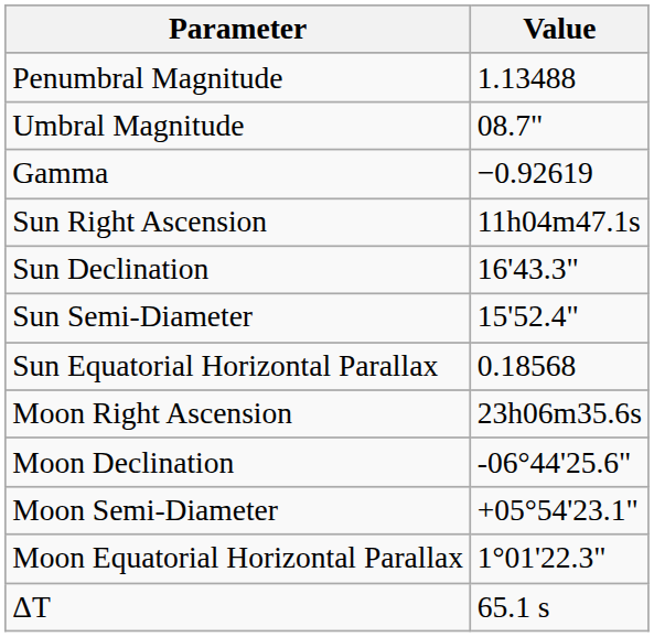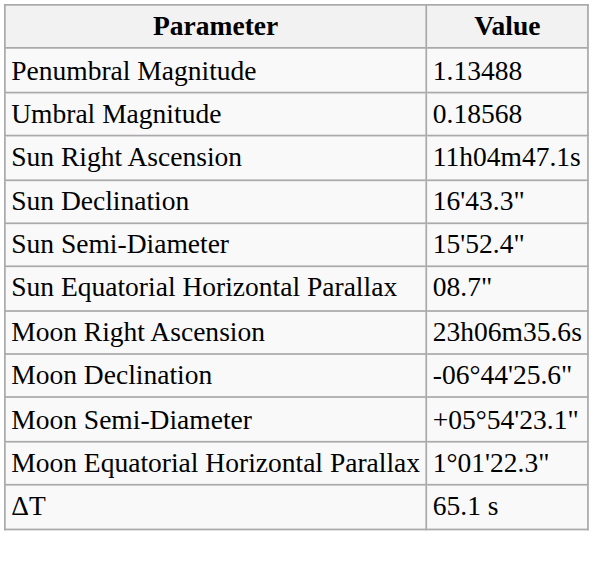 <table class="wikitable">
 <tr>
 <th>Parameter</th>
 <th>Value</th>
 </tr>
 <tr>
 <td>Penumbral Magnitude</td>
 <td>1.13488</td>
 </tr>
 <tr>
 <td>Umbral Magnitude</td>
-<td>08.7"</td>
-</tr>
-<tr>
-<td>Gamma</td>
-<td>−0.92619</td>
+<td>0.18568</td>
 </tr>
 <tr>
 <td>Sun Right Ascension</td>
 <td>11h04m47.1s</td>
 </tr>
 <tr>
 <td>Sun Declination</td>
 <td>16'43.3"</td>
 </tr>
 <tr>
 <td>Sun Semi-Diameter</td>
 <td>15'52.4"</td>
 </tr>
 <tr>
 <td>Sun Equatorial Horizontal Parallax</td>
-<td>0.18568</td>
+<td>08.7"</td>
 </tr>
 <tr>
 <td>Moon Right Ascension</td>
 <td>23h06m35.6s</td>
 </tr>
 <tr>
 <td>Moon Declination</td>
 <td>-06°44'25.6"</td>
 </tr>
 <tr>
 <td>Moon Semi-Diameter</td>
 <td>+05°54'23.1"</td>
 </tr>
 <tr>
 <td>Moon Equatorial Horizontal Parallax</td>
 <td>1°01'22.3"</td>
 </tr>
 <tr>
 <td>ΔT</td>
 <td>65.1 s</td>
 </tr>
 </table>
